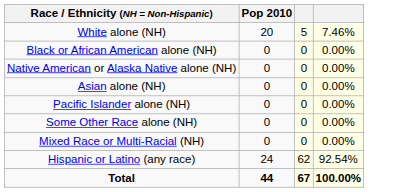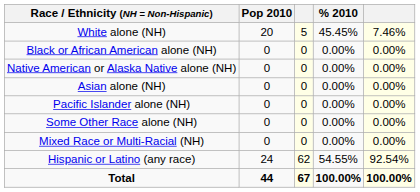 <table class="wikitable" style="text-align:center;">
 <tr>
 <th>Race / Ethnicity <small>(<em>NH = Non-Hispanic</em>)</small></th>
 <th>Pop 2010</th>
 <th></th>
+<th>% 2010</th>
 <th></th>
 </tr>
 <tr>
 <td><a href='#'>White</a> alone (NH)</td>
 <td>20</td>
 <td style='background: #ffffe6;'>5</td>
+<td>45.45%</td>
 <td style='background: #ffffe6;'>7.46%</td>
 </tr>
 <tr>
 <td><a href='#'>Black or African American</a> alone (NH)</td>
 <td>0</td>
 <td style='background: #ffffe6;'>0</td>
+<td>0.00%</td>
 <td style='background: #ffffe6;'>0.00%</td>
 </tr>
 <tr>
 <td><a href='#'>Native American</a> or <a href='#'>Alaska Native</a> alone (NH)</td>
 <td>0</td>
 <td style='background: #ffffe6;'>0</td>
+<td>0.00%</td>
 <td style='background: #ffffe6;'>0.00%</td>
 </tr>
 <tr>
 <td><a href='#'>Asian</a> alone (NH)</td>
 <td>0</td>
 <td style='background: #ffffe6;'>0</td>
+<td>0.00%</td>
 <td style='background: #ffffe6;'>0.00%</td>
 </tr>
 <tr>
 <td><a href='#'>Pacific Islander</a> alone (NH)</td>
 <td>0</td>
 <td style='background: #ffffe6;'>0</td>
+<td>0.00%</td>
 <td style='background: #ffffe6;'>0.00%</td>
 </tr>
 <tr>
 <td><a href='#'>Some Other Race</a> alone (NH)</td>
 <td>0</td>
 <td style='background: #ffffe6;'>0</td>
+<td>0.00%</td>
 <td style='background: #ffffe6;'>0.00%</td>
 </tr>
 <tr>
 <td><a href='#'>Mixed Race or Multi-Racial</a> (NH)</td>
 <td>0</td>
 <td style='background: #ffffe6;'>0</td>
+<td>0.00%</td>
 <td style='background: #ffffe6;'>0.00%</td>
 </tr>
 <tr>
 <td><a href='#'>Hispanic or Latino</a> (any race)</td>
 <td>24</td>
 <td style='background: #ffffe6;'>62</td>
+<td>54.55%</td>
 <td style='background: #ffffe6;'>92.54%</td>
 </tr>
 <tr>
 <td><strong>Total</strong></td>
 <td><strong>44</strong></td>
 <td style='background: #ffffe6;'><strong>67</strong></td>
+<td><strong>100.00%</strong></td>
 <td style='background: #ffffe6;'><strong>100.00%</strong></td>
 </tr>
 </table>
